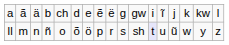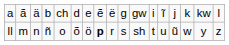 <table class="wikitable" style="text-align: center;">
 <tr>
 <td>a</td>
 <td>ã</td>
 <td>ä</td>
 <td>b</td>
 <td>ch</td>
 <td>d</td>
 <td>e</td>
 <td>ẽ</td>
 <td>ë</td>
 <td>g</td>
 <td>gw</td>
 <td>i</td>
 <td>ĩ</td>
 <td>j</td>
 <td>k</td>
 <td>kw</td>
 <td>l</td>
 </tr>
 <tr>
 <td>ll</td>
 <td>m</td>
 <td>n</td>
 <td>ñ</td>
 <td>o</td>
 <td>õ</td>
 <td>ö</td>
-<td>p</td>
+<td><strong>p</strong></td>
 <td>r</td>
 <td>s</td>
 <td>sh</td>
-<td style="background: lavender;">t</td>
+<td>t</td>
 <td>u</td>
 <td>ũ</td>
 <td>w</td>
 <td>y</td>
 <td>z</td>
 </tr>
 </table>
